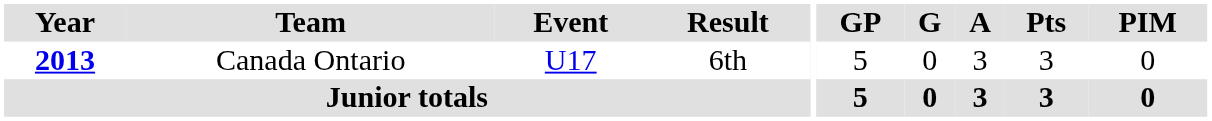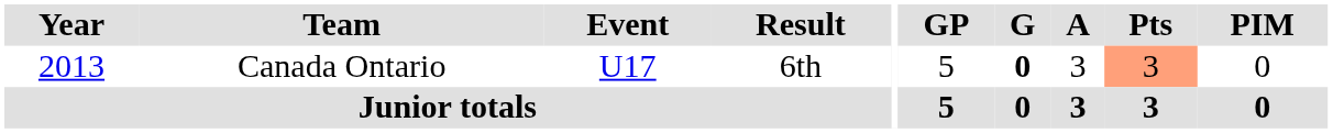 <table border="0" cellpadding="1" cellspacing="0" ID="Table3" style="text-align:center; width:40em">
 <tr ALIGN="center" bgcolor="#e0e0e0">
 <th>Year</th>
 <th>Team</th>
 <th>Event</th>
 <th>Result</th>
 <th rowspan="99" bgcolor="#ffffff"></th>
 <th>GP</th>
 <th>G</th>
 <th>A</th>
 <th>Pts</th>
 <th>PIM</th>
 </tr>
 <tr>
-<td><strong><a href='#'>2013</a></strong></td>
+<td><a href='#'>2013</a></td>
 <td>Canada Ontario</td>
 <td><a href='#'>U17</a></td>
 <td>6th</td>
 <td>5</td>
-<td>0</td>
+<td><strong>0</strong></td>
 <td>3</td>
-<td>3</td>
+<td style="background: lightsalmon;">3</td>
 <td>0</td>
 </tr>
 <tr bgcolor="#e0e0e0">
 <th colspan="4">Junior totals</th>
 <th>5</th>
 <th>0</th>
 <th>3</th>
 <th>3</th>
 <th>0</th>
 </tr>
 </table>
